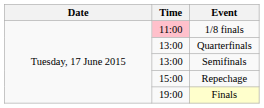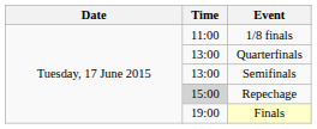 <table class = "wikitable" style="text-align:center;">
 <tr>
 <th width=220>Date</th>
 <th width=50>Time</th>
 <th width=100>Event</th>
 </tr>
 <tr>
 <td rowspan=5>Tuesday, 17 June 2015</td>
-<td style="background: pink;">11:00</td>
+<td>11:00</td>
 <td>1/8 finals</td>
 </tr>
 <tr>
 <td>13:00</td>
 <td>Quarterfinals</td>
 </tr>
 <tr>
 <td>13:00</td>
 <td>Semifinals</td>
 </tr>
 <tr>
-<td>15:00</td>
+<td style="background: lightgrey;">15:00</td>
 <td>Repechage</td>
 </tr>
 <tr>
 <td>19:00</td>
 <td bgcolor=ffffcc>Finals</td>
 </tr>
 </table>
